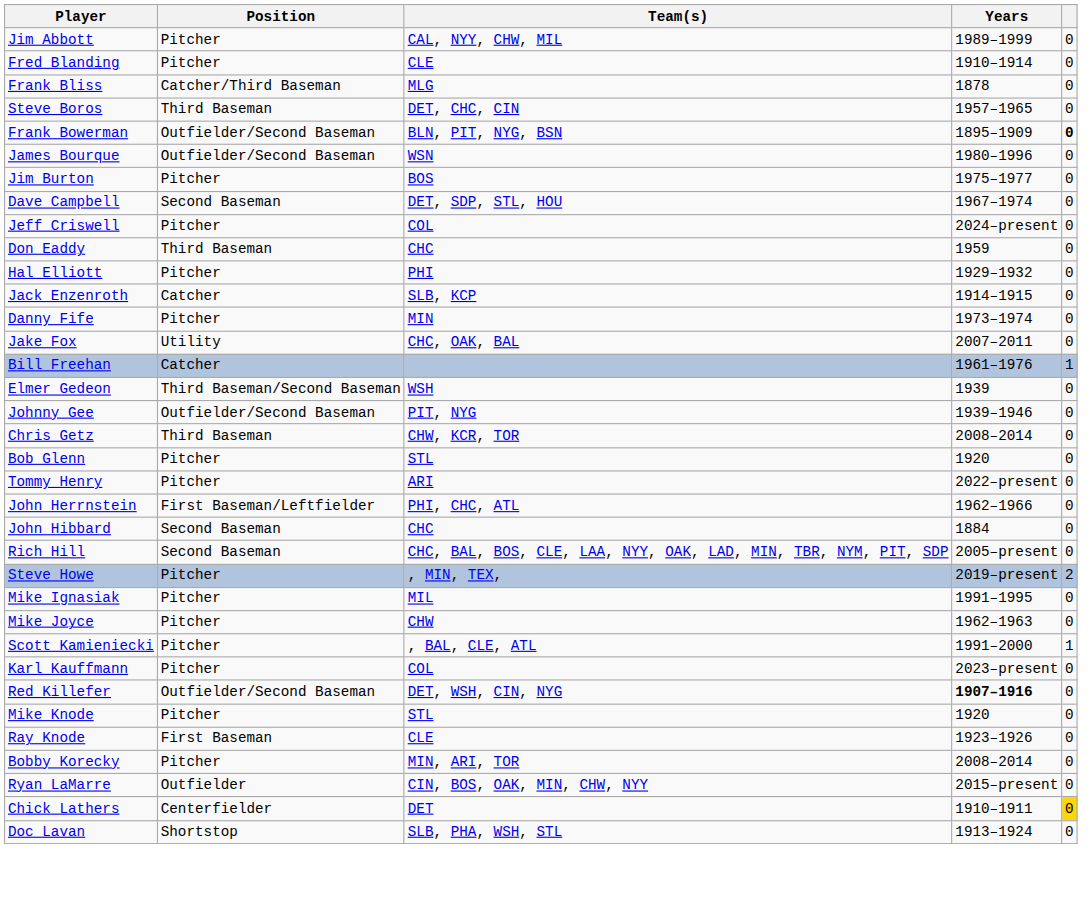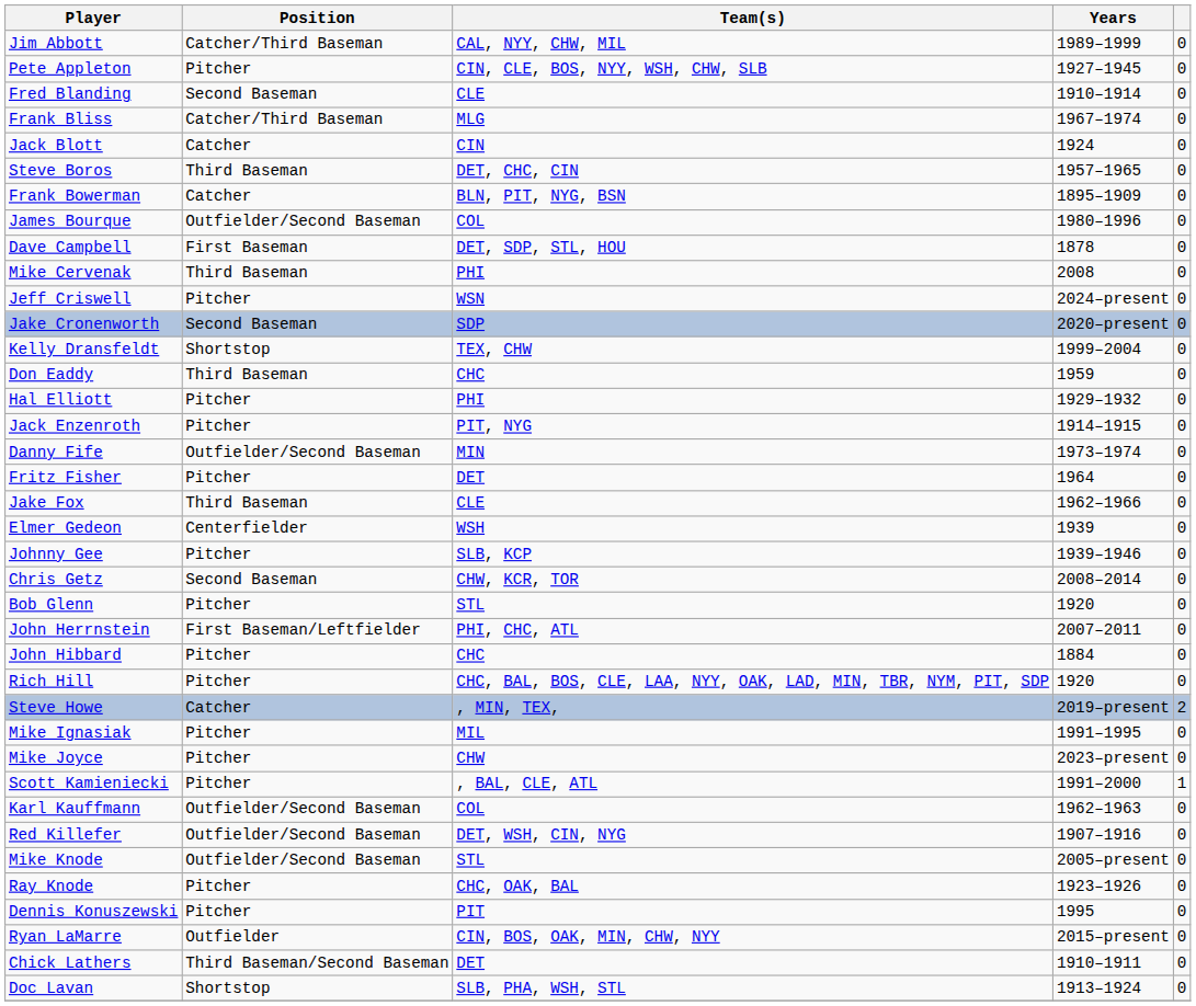 <table class="wikitable sortable">
 <tr>
 <th>Player</th>
 <th>Position</th>
 <th>Team(s)</th>
 <th>Years</th>
 <th><a href='#'></a></th>
 </tr>
 <tr>
 <td><a href='#'>Jim Abbott</a></td>
-<td>Pitcher</td>
+<td>Catcher/Third Baseman</td>
 <td><a href='#'>CAL</a>, <a href='#'>NYY</a>, <a href='#'>CHW</a>, <a href='#'>MIL</a></td>
 <td>1989–1999</td>
 <td>0</td>
 </tr>
 <tr>
+<td><a href='#'>Pete Appleton</a></td>
+<td>Pitcher</td>
+<td><a href='#'>CIN</a>, <a href='#'>CLE</a>, <a href='#'>BOS</a>, <a href='#'>NYY</a>, <a href='#'>WSH</a>, <a href='#'>CHW</a>, <a href='#'>SLB</a></td>
+<td>1927–1945</td>
+<td>0</td>
+</tr>
+<tr>
 <td><a href='#'>Fred Blanding</a></td>
-<td>Pitcher</td>
+<td>Second Baseman</td>
 <td><a href='#'>CLE</a></td>
 <td>1910–1914</td>
 <td>0</td>
 </tr>
 <tr>
 <td><a href='#'>Frank Bliss</a></td>
 <td>Catcher/Third Baseman</td>
 <td><a href='#'>MLG</a></td>
-<td>1878</td>
+<td>1967–1974</td>
+<td>0</td>
+</tr>
+<tr>
+<td><a href='#'>Jack Blott</a></td>
+<td>Catcher</td>
+<td><a href='#'>CIN</a></td>
+<td>1924</td>
 <td>0</td>
 </tr>
 <tr>
 <td><a href='#'>Steve Boros</a></td>
 <td>Third Baseman</td>
 <td><a href='#'>DET</a>, <a href='#'>CHC</a>, <a href='#'>CIN</a></td>
 <td>1957–1965</td>
 <td>0</td>
 </tr>
 <tr>
 <td><a href='#'>Frank Bowerman</a></td>
-<td>Outfielder/Second Baseman</td>
+<td>Catcher</td>
 <td><a href='#'>BLN</a>, <a href='#'>PIT</a>, <a href='#'>NYG</a>, <a href='#'>BSN</a></td>
 <td>1895–1909</td>
-<td><strong>0</strong></td>
+<td>0</td>
 </tr>
 <tr>
 <td><a href='#'>James Bourque</a></td>
 <td>Outfielder/Second Baseman</td>
-<td><a href='#'>WSN</a></td>
+<td><a href='#'>COL</a></td>
 <td>1980–1996</td>
 <td>0</td>
 </tr>
 <tr>
-<td><a href='#'>Jim Burton</a></td>
-<td>Pitcher</td>
-<td><a href='#'>BOS</a></td>
-<td>1975–1977</td>
+<td><a href='#'>Dave Campbell</a></td>
+<td>First Baseman</td>
+<td><a href='#'>DET</a>, <a href='#'>SDP</a>, <a href='#'>STL</a>, <a href='#'>HOU</a></td>
+<td>1878</td>
 <td>0</td>
 </tr>
 <tr>
-<td><a href='#'>Dave Campbell</a></td>
-<td>Second Baseman</td>
-<td><a href='#'>DET</a>, <a href='#'>SDP</a>, <a href='#'>STL</a>, <a href='#'>HOU</a></td>
-<td>1967–1974</td>
+<td><a href='#'>Mike Cervenak</a></td>
+<td>Third Baseman</td>
+<td><a href='#'>PHI</a></td>
+<td>2008</td>
 <td>0</td>
 </tr>
 <tr>
 <td><a href='#'>Jeff Criswell</a></td>
 <td>Pitcher</td>
-<td><a href='#'>COL</a></td>
+<td><a href='#'>WSN</a></td>
 <td>2024–present</td>
+<td>0</td>
+</tr>
+<tr bgcolor=lightsteelblue>
+<td><a href='#'>Jake Cronenworth</a></td>
+<td>Second Baseman</td>
+<td><a href='#'>SDP</a></td>
+<td>2020–present</td>
+<td>0</td>
+</tr>
+<tr>
+<td><a href='#'>Kelly Dransfeldt</a></td>
+<td>Shortstop</td>
+<td><a href='#'>TEX</a>, <a href='#'>CHW</a></td>
+<td>1999–2004</td>
 <td>0</td>
 </tr>
 <tr>
 <td><a href='#'>Don Eaddy</a></td>
 <td>Third Baseman</td>
 <td><a href='#'>CHC</a></td>
 <td>1959</td>
 <td>0</td>
 </tr>
 <tr>
 <td><a href='#'>Hal Elliott</a></td>
 <td>Pitcher</td>
 <td><a href='#'>PHI</a></td>
 <td>1929–1932</td>
 <td>0</td>
 </tr>
 <tr>
 <td><a href='#'>Jack Enzenroth</a></td>
-<td>Catcher</td>
-<td><a href='#'>SLB</a>, <a href='#'>KCP</a></td>
+<td>Pitcher</td>
+<td><a href='#'>PIT</a>, <a href='#'>NYG</a></td>
 <td>1914–1915</td>
 <td>0</td>
 </tr>
 <tr>
 <td><a href='#'>Danny Fife</a></td>
-<td>Pitcher</td>
+<td>Outfielder/Second Baseman</td>
 <td><a href='#'>MIN</a></td>
 <td>1973–1974</td>
 <td>0</td>
 </tr>
 <tr>
-<td><a href='#'>Jake Fox</a></td>
-<td>Utility</td>
-<td><a href='#'>CHC</a>, <a href='#'>OAK</a>, <a href='#'>BAL</a></td>
-<td>2007–2011</td>
+<td><a href='#'>Fritz Fisher</a></td>
+<td>Pitcher</td>
+<td><a href='#'>DET</a></td>
+<td>1964</td>
 <td>0</td>
 </tr>
-<tr bgcolor=lightsteelblue>
-<td><a href='#'>Bill Freehan</a></td>
-<td>Catcher</td>
-<td><span><strong></strong></span></td>
-<td>1961–1976</td>
-<td>1</td>
+<tr>
+<td><a href='#'>Jake Fox</a></td>
+<td>Third Baseman</td>
+<td><a href='#'>CLE</a></td>
+<td>1962–1966</td>
+<td>0</td>
 </tr>
 <tr>
 <td><a href='#'>Elmer Gedeon</a></td>
-<td>Third Baseman/Second Baseman</td>
+<td>Centerfielder</td>
 <td><a href='#'>WSH</a></td>
 <td>1939</td>
 <td>0</td>
 </tr>
 <tr>
 <td><a href='#'>Johnny Gee</a></td>
-<td>Outfielder/Second Baseman</td>
-<td><a href='#'>PIT</a>, <a href='#'>NYG</a></td>
+<td>Pitcher</td>
+<td><a href='#'>SLB</a>, <a href='#'>KCP</a></td>
 <td>1939–1946</td>
 <td>0</td>
 </tr>
 <tr>
 <td><a href='#'>Chris Getz</a></td>
-<td>Third Baseman</td>
+<td>Second Baseman</td>
 <td><a href='#'>CHW</a>, <a href='#'>KCR</a>, <a href='#'>TOR</a></td>
 <td>2008–2014</td>
 <td>0</td>
 </tr>
 <tr>
 <td><a href='#'>Bob Glenn</a></td>
 <td>Pitcher</td>
 <td><a href='#'>STL</a></td>
 <td>1920</td>
 <td>0</td>
 </tr>
 <tr>
-<td><a href='#'>Tommy Henry</a></td>
-<td>Pitcher</td>
-<td><a href='#'>ARI</a></td>
-<td>2022–present</td>
-<td>0</td>
-</tr>
-<tr>
 <td><a href='#'>John Herrnstein</a></td>
 <td>First Baseman/Leftfielder</td>
 <td><a href='#'>PHI</a>, <a href='#'>CHC</a>, <a href='#'>ATL</a></td>
-<td>1962–1966</td>
+<td>2007–2011</td>
 <td>0</td>
 </tr>
 <tr>
 <td><a href='#'>John Hibbard</a></td>
-<td>Second Baseman</td>
+<td>Pitcher</td>
 <td><a href='#'>CHC</a></td>
 <td>1884</td>
 <td>0</td>
 </tr>
 <tr>
 <td><a href='#'>Rich Hill</a></td>
-<td>Second Baseman</td>
+<td>Pitcher</td>
 <td><a href='#'>CHC</a>, <a href='#'>BAL</a>, <a href='#'>BOS</a>, <a href='#'>CLE</a>, <a href='#'>LAA</a>, <a href='#'>NYY</a>, <a href='#'>OAK</a>, <a href='#'>LAD</a>, <a href='#'>MIN</a>, <a href='#'>TBR</a>, <a href='#'>NYM</a>, <a href='#'>PIT</a>, <a href='#'>SDP</a></td>
-<td>2005–present</td>
+<td>1920</td>
 <td>0</td>
 </tr>
 <tr bgcolor=lightsteelblue>
 <td><a href='#'>Steve Howe</a></td>
-<td>Pitcher</td>
+<td>Catcher</td>
 <td><span><strong></strong></span>, <a href='#'>MIN</a>, <a href='#'>TEX</a>, <span><strong></strong></span></td>
 <td>2019–present</td>
 <td>2</td>
 </tr>
 <tr>
 <td><a href='#'>Mike Ignasiak</a></td>
 <td>Pitcher</td>
 <td><a href='#'>MIL</a></td>
 <td>1991–1995</td>
 <td>0</td>
 </tr>
 <tr>
 <td><a href='#'>Mike Joyce</a></td>
 <td>Pitcher</td>
 <td><a href='#'>CHW</a></td>
-<td>1962–1963</td>
+<td>2023–present</td>
 <td>0</td>
 </tr>
 <tr>
 <td><a href='#'>Scott Kamieniecki</a></td>
 <td>Pitcher</td>
 <td><span><strong></strong></span>, <a href='#'>BAL</a>, <a href='#'>CLE</a>, <a href='#'>ATL</a></td>
 <td>1991–2000</td>
 <td>1</td>
 </tr>
 <tr>
 <td><a href='#'>Karl Kauffmann</a></td>
-<td>Pitcher</td>
+<td>Outfielder/Second Baseman</td>
 <td><a href='#'>COL</a></td>
-<td>2023–present</td>
+<td>1962–1963</td>
 <td>0</td>
 </tr>
 <tr>
 <td><a href='#'>Red Killefer</a></td>
 <td>Outfielder/Second Baseman</td>
 <td><a href='#'>DET</a>, <a href='#'>WSH</a>, <a href='#'>CIN</a>, <a href='#'>NYG</a></td>
-<td><strong>1907–1916</strong></td>
+<td>1907–1916</td>
 <td>0</td>
 </tr>
 <tr>
 <td><a href='#'>Mike Knode</a></td>
-<td>Pitcher</td>
+<td>Outfielder/Second Baseman</td>
 <td><a href='#'>STL</a></td>
-<td>1920</td>
+<td>2005–present</td>
 <td>0</td>
 </tr>
 <tr>
 <td><a href='#'>Ray Knode</a></td>
-<td>First Baseman</td>
-<td><a href='#'>CLE</a></td>
+<td>Pitcher</td>
+<td><a href='#'>CHC</a>, <a href='#'>OAK</a>, <a href='#'>BAL</a></td>
 <td>1923–1926</td>
 <td>0</td>
 </tr>
 <tr>
-<td><a href='#'>Bobby Korecky</a></td>
+<td><a href='#'>Dennis Konuszewski</a></td>
 <td>Pitcher</td>
-<td><a href='#'>MIN</a>, <a href='#'>ARI</a>, <a href='#'>TOR</a></td>
-<td>2008–2014</td>
+<td><a href='#'>PIT</a></td>
+<td>1995</td>
 <td>0</td>
 </tr>
 <tr>
 <td><a href='#'>Ryan LaMarre</a></td>
 <td>Outfielder</td>
 <td><a href='#'>CIN</a>, <a href='#'>BOS</a>, <a href='#'>OAK</a>, <a href='#'>MIN</a>, <a href='#'>CHW</a>, <a href='#'>NYY</a></td>
 <td>2015–present</td>
 <td>0</td>
 </tr>
 <tr>
 <td><a href='#'>Chick Lathers</a></td>
-<td>Centerfielder</td>
+<td>Third Baseman/Second Baseman</td>
 <td><a href='#'>DET</a></td>
 <td>1910–1911</td>
-<td style="background: gold;">0</td>
+<td>0</td>
 </tr>
 <tr>
 <td><a href='#'>Doc Lavan</a></td>
 <td>Shortstop</td>
 <td><a href='#'>SLB</a>, <a href='#'>PHA</a>, <a href='#'>WSH</a>, <a href='#'>STL</a></td>
 <td>1913–1924</td>
 <td>0</td>
 </tr>
 <tr>
 </tr>
 </table>
